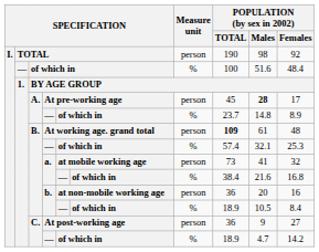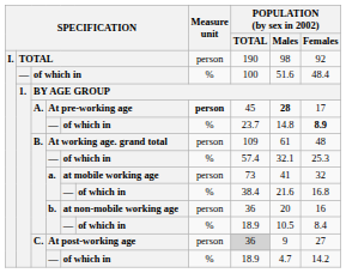 <table class="wikitable" style="font-size:85%; text-align:center">
 <tr>
 <th rowspan="2" colspan="6">SPECIFICATION</th>
 <th rowspan="2">Measure<br> unit</th>
 <th colspan="3" rowspan="1">POPULATION<br> (by sex in 2002)</th>
 </tr>
 <tr>
 <th>TOTAL</th>
 <th>Males</th>
 <th>Females</th>
 </tr>
 <tr>
 <th style="text-align:left" valign="top" rowspan="13">I.</th>
 <th style="text-align:left" colspan="5">TOTAL</th>
 <td>person</td>
 <td>190</td>
 <td>98</td>
 <td>92</td>
 </tr>
 <tr>
 <th style="text-align:left" valign="top">—</th>
 <th style="text-align:left" colspan="4">of which in</th>
 <td>%</td>
 <td>100</td>
 <td>51.6</td>
 <td>48.4</td>
 </tr>
 <tr>
 <th style="text-align:left" valign="top" rowspan="11">1.</th>
 <th style="text-align:left" colspan="19">BY AGE GROUP</th>
 </tr>
 <tr>
 <th style="text-align:left" valign="top" rowspan="2">A.</th>
 <th style="text-align:left" colspan="3">At pre-working age</th>
-<td>person</td>
+<td><strong>person</strong></td>
 <td>45</td>
 <td><strong>28</strong></td>
 <td>17</td>
 </tr>
 <tr>
 <th style="text-align:left" valign="top">—</th>
 <th style="text-align:left" valign="top" colspan="2">of which in</th>
 <td>%</td>
 <td>23.7</td>
 <td>14.8</td>
-<td>8.9</td>
+<td><strong>8.9</strong></td>
 </tr>
 <tr>
 <th style="text-align:left" valign="top" rowspan="6">B.</th>
 <th style="text-align:left" colspan="3">At working age. grand total</th>
 <td>person</td>
-<td><strong>109</strong></td>
+<td>109</td>
 <td>61</td>
 <td>48</td>
 </tr>
 <tr>
 <th style="text-align:left" valign="top">—</th>
 <th style="text-align:left" valign="top" colspan="2">of which in</th>
 <td>%</td>
 <td>57.4</td>
 <td>32.1</td>
 <td>25.3</td>
 </tr>
 <tr>
 <th style="text-align:left" valign="top" rowspan="2">a.</th>
 <th style="text-align:left" colspan="2">at mobile working age</th>
 <td>person</td>
 <td>73</td>
 <td>41</td>
 <td>32</td>
 </tr>
 <tr>
 <th style="text-align:left" valign="top">—</th>
 <th style="text-align:left" valign="top" colspan="1">of which in                        </th>
 <td>%</td>
 <td>38.4</td>
 <td>21.6</td>
 <td>16.8</td>
 </tr>
 <tr>
 <th style="text-align:left" valign="top" rowspan="2">b.</th>
 <th style="text-align:left" colspan="2">at non-mobile working age</th>
 <td>person</td>
 <td>36</td>
 <td>20</td>
 <td>16</td>
 </tr>
 <tr>
 <th style="text-align:left" valign="top">—</th>
 <th style="text-align:left" valign="top" colspan="1">of which in                        </th>
 <td>%</td>
 <td>18.9</td>
 <td>10.5</td>
 <td>8.4</td>
 </tr>
 <tr>
 <th style="text-align:left" valign="top" rowspan="2">C.</th>
 <th style="text-align:left" colspan="3">At post-working age</th>
 <td>person</td>
-<td>36</td>
+<td style="background: lightgrey;">36</td>
 <td>9</td>
 <td>27</td>
 </tr>
 <tr>
 <th style="text-align:left" valign="top">—</th>
 <th style="text-align:left" valign="top" colspan="2">of which in</th>
 <td>%</td>
 <td>18.9</td>
 <td>4.7</td>
 <td>14.2</td>
 </tr>
 </table>
